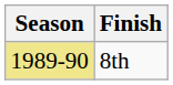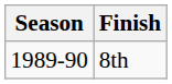 <table class="wikitable">
 <tr>
 <th>Season</th>
 <th>Finish</th>
 </tr>
 <tr>
-<td style="background: khaki;">1989-90</td>
+<td>1989-90</td>
 <td>8th</td>
 </tr>
 </table>
